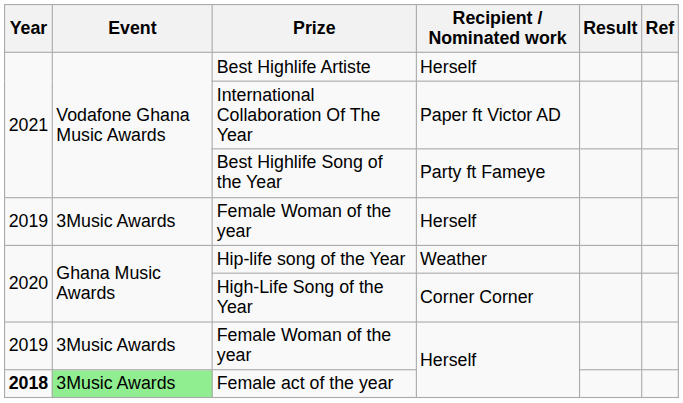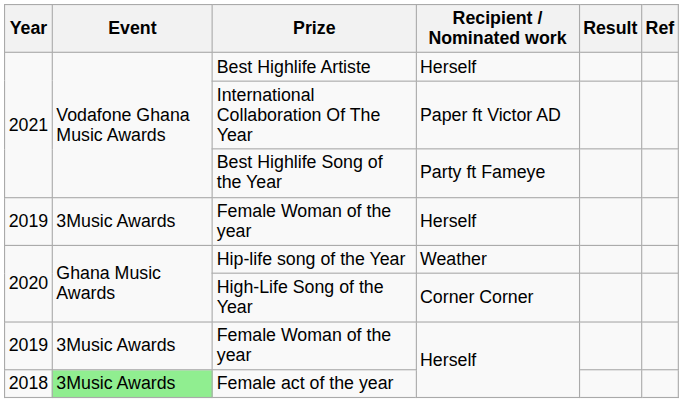 <table class="wikitable">
 <tr>
 <th>Year</th>
 <th>Event</th>
 <th>Prize</th>
 <th>Recipient / Nominated work</th>
 <th>Result</th>
 <th>Ref</th>
 </tr>
 <tr>
 <td rowspan="3">2021</td>
 <td rowspan="3">Vodafone Ghana Music Awards</td>
 <td>Best Highlife Artiste</td>
 <td rowspan="1">Herself</td>
 <td></td>
 <td></td>
 </tr>
 <tr>
 <td>International Collaboration Of The Year</td>
 <td>Paper ft Victor AD</td>
 <td></td>
 <td></td>
 </tr>
 <tr>
 <td>Best Highlife Song of the Year</td>
 <td>Party ft Fameye</td>
 <td></td>
 <td></td>
 </tr>
 <tr>
 <td>2019</td>
 <td>3Music Awards</td>
 <td>Female Woman of the year</td>
 <td>Herself</td>
 <td></td>
 <td></td>
 </tr>
 <tr>
 <td rowspan="2">2020</td>
 <td rowspan="2">Ghana Music Awards</td>
 <td>Hip-life song of the Year</td>
 <td>Weather</td>
 <td></td>
 <td></td>
 </tr>
 <tr>
 <td>High-Life Song of the Year</td>
 <td>Corner Corner</td>
 <td></td>
 <td></td>
 </tr>
 <tr>
 <td>2019</td>
 <td>3Music Awards</td>
 <td>Female Woman of the year</td>
 <td rowspan="2">Herself</td>
 <td></td>
 <td></td>
 </tr>
 <tr>
-<td><strong>2018</strong></td>
+<td>2018</td>
 <td style="background: lightgreen;">3Music Awards</td>
 <td>Female act of the year</td>
 <td></td>
 <td></td>
 </tr>
 </table>
